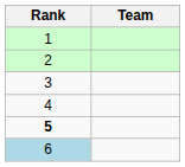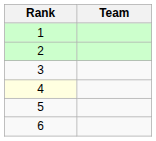 <table class="wikitable" style="width:200px;">
 <tr>
 <th>Rank</th>
 <th>Team</th>
 </tr>
 <tr style="background:#ccffcc;">
 <td align=center>1</td>
 <td> </td>
 </tr>
 <tr style="background:#ccffcc;">
 <td align=center>2</td>
 <td> </td>
 </tr>
 <tr>
 <td align=center>3</td>
 <td></td>
 </tr>
 <tr>
-<td align=center>4</td>
+<td align=center style="background: lightyellow;">4</td>
 <td></td>
 </tr>
 <tr>
-<td align=center><strong>5</strong></td>
+<td align=center>5</td>
 <td></td>
 </tr>
 <tr>
-<td align=center style="background: lightblue;">6</td>
+<td align=center>6</td>
 <td></td>
 </tr>
 </table>
